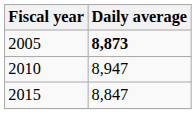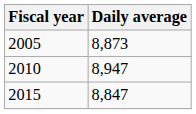 <table class="wikitable">
 <tr>
 <th>Fiscal year</th>
 <th>Daily average</th>
 </tr>
 <tr>
 <td>2005</td>
-<td><strong>8,873</strong></td>
+<td>8,873</td>
 </tr>
 <tr>
 <td>2010</td>
 <td>8,947</td>
 </tr>
 <tr>
 <td>2015</td>
 <td>8,847</td>
 </tr>
 <tr>
 </tr>
 </table>
